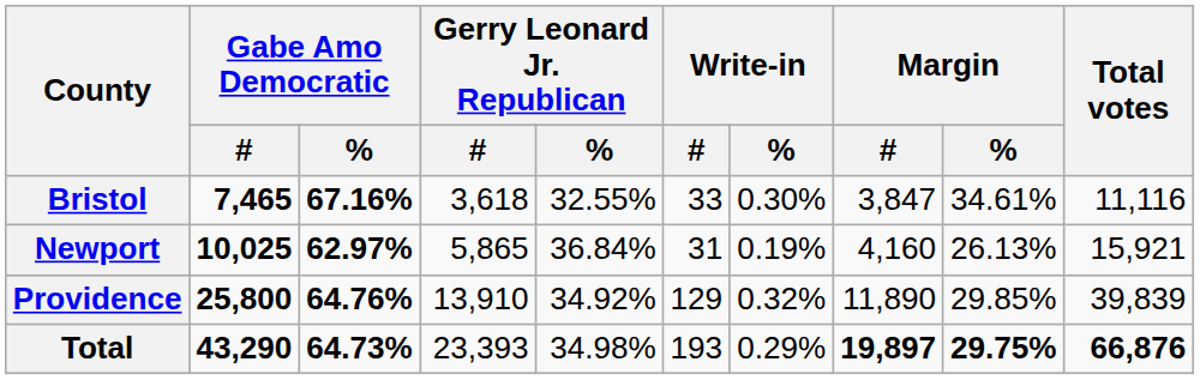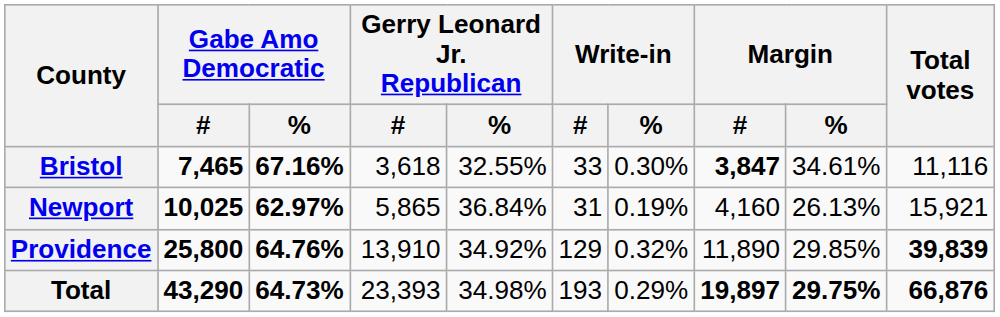 <table class="wikitable sortable" style="text-align:right">
 <tr>
 <th rowspan="2">County</th>
 <th colspan="2"><a href='#'>Gabe Amo</a><br><a href='#'>Democratic</a></th>
 <th colspan="2">Gerry Leonard Jr.<br><a href='#'>Republican</a></th>
 <th colspan="2">Write-in</th>
 <th colspan="2">Margin</th>
 <th rowspan="2">Total votes</th>
 </tr>
 <tr>
 <th data-sort-type="number">#</th>
 <th data-sort-type="number">%</th>
 <th data-sort-type="number">#</th>
 <th data-sort-type="number">%</th>
 <th data-sort-type="number">#</th>
 <th data-sort-type="number">%</th>
 <th data-sort-type="number">#</th>
 <th data-sort-type="number">%</th>
 </tr>
 <tr>
 <th><a href='#'>Bristol</a></th>
 <td><strong>7,465</strong></td>
 <td><strong>67.16%</strong></td>
 <td>3,618</td>
 <td>32.55%</td>
 <td>33</td>
 <td>0.30%</td>
-<td>3,847</td>
+<td><strong>3,847</strong></td>
 <td>34.61%</td>
 <td>11,116</td>
 </tr>
 <tr>
 <th><a href='#'>Newport</a></th>
 <td><strong>10,025</strong></td>
 <td><strong>62.97%</strong></td>
 <td>5,865</td>
 <td>36.84%</td>
 <td>31</td>
 <td>0.19%</td>
 <td>4,160</td>
 <td>26.13%</td>
 <td>15,921</td>
 </tr>
 <tr>
 <th><a href='#'>Providence</a> </th>
 <td><strong>25,800</strong></td>
 <td><strong>64.76%</strong></td>
 <td>13,910</td>
 <td>34.92%</td>
 <td>129</td>
 <td>0.32%</td>
 <td>11,890</td>
 <td>29.85%</td>
-<td>39,839</td>
+<td><strong>39,839</strong></td>
 </tr>
 <tr>
 <th>Total</th>
 <td><strong>43,290</strong></td>
 <td><strong>64.73%</strong></td>
 <td>23,393</td>
 <td>34.98%</td>
 <td>193</td>
 <td>0.29%</td>
 <td><strong>19,897</strong></td>
 <td><strong>29.75%</strong></td>
 <td><strong>66,876</strong></td>
 </tr>
 </table>
